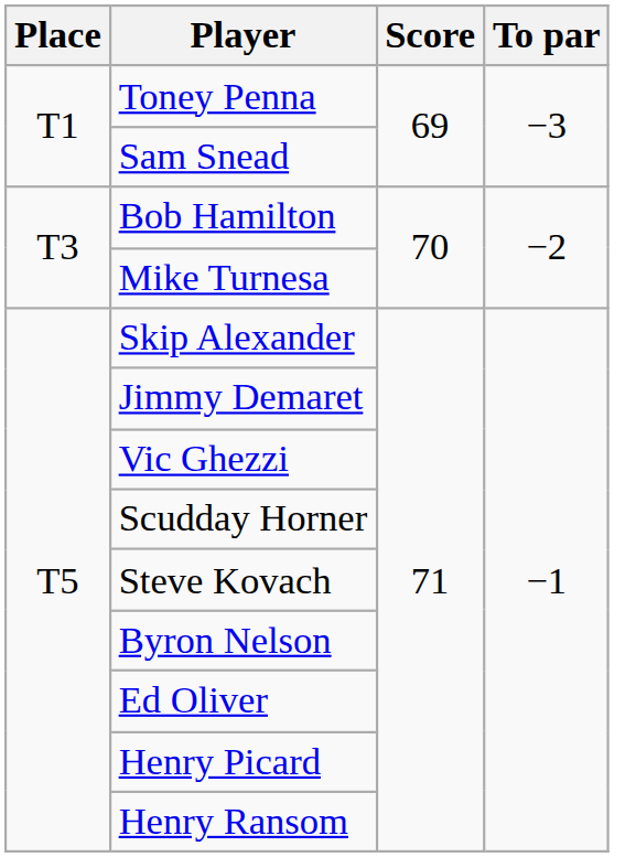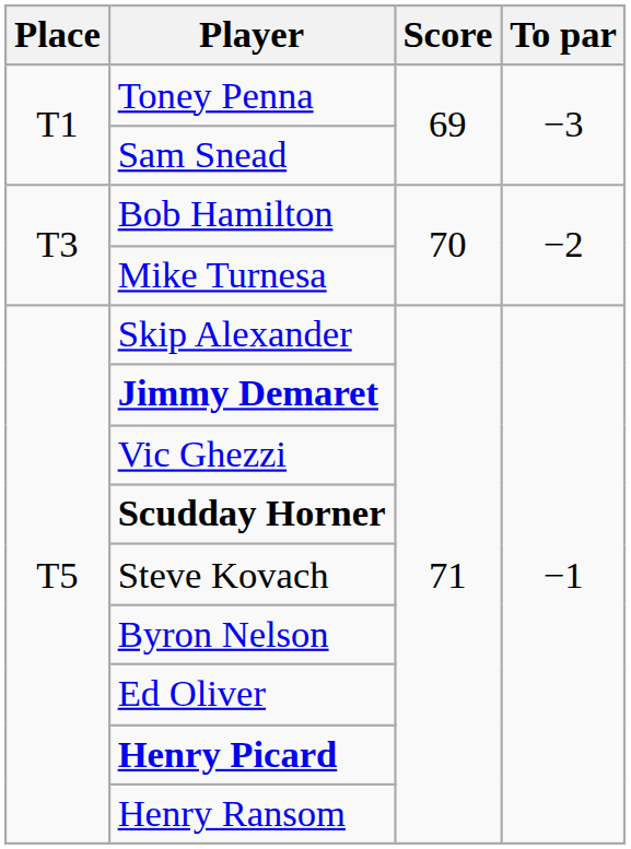 <table class=wikitable>
 <tr>
 <th>Place</th>
 <th>Player</th>
 <th>Score</th>
 <th>To par</th>
 </tr>
 <tr>
 <td rowspan=2 align=center>T1</td>
 <td> <a href='#'>Toney Penna</a></td>
 <td rowspan=2 align=center>69</td>
 <td rowspan=2 align=center>−3</td>
 </tr>
 <tr>
 <td> <a href='#'>Sam Snead</a></td>
 </tr>
 <tr>
 <td rowspan=2 align=center>T3</td>
 <td> <a href='#'>Bob Hamilton</a></td>
 <td rowspan=2 align=center>70</td>
 <td rowspan=2 align=center>−2</td>
 </tr>
 <tr>
 <td> <a href='#'>Mike Turnesa</a></td>
 </tr>
 <tr>
 <td rowspan=9 align=center>T5</td>
 <td> <a href='#'>Skip Alexander</a></td>
 <td rowspan=9 align=center>71</td>
 <td rowspan=9 align=center>−1</td>
 </tr>
 <tr>
-<td> <a href='#'>Jimmy Demaret</a></td>
+<td><strong> <a href='#'>Jimmy Demaret</a></strong></td>
 </tr>
 <tr>
 <td> <a href='#'>Vic Ghezzi</a></td>
 </tr>
 <tr>
-<td> Scudday Horner</td>
+<td><strong> Scudday Horner</strong></td>
 </tr>
 <tr>
 <td> Steve Kovach</td>
 </tr>
 <tr>
 <td> <a href='#'>Byron Nelson</a></td>
 </tr>
 <tr>
 <td> <a href='#'>Ed Oliver</a></td>
 </tr>
 <tr>
-<td> <a href='#'>Henry Picard</a></td>
+<td><strong> <a href='#'>Henry Picard</a></strong></td>
 </tr>
 <tr>
 <td> <a href='#'>Henry Ransom</a></td>
 </tr>
 </table>
